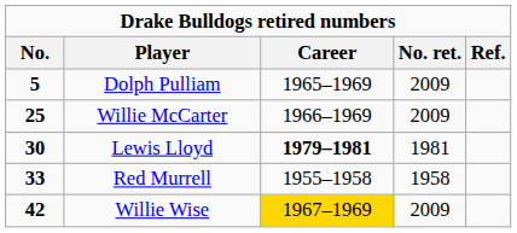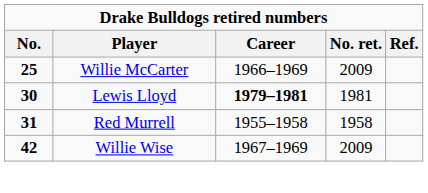 <table class="wikitable sortable" style="text-align:center">
 <tr>
 <td colspan="5"><strong>Drake Bulldogs retired numbers</strong></td>
 </tr>
 <tr>
 <th width=40px>No.</th>
 <th width=150px>Player</th>
 <th width=100px>Career</th>
 <th width=px>No. ret.</th>
 <th width=px>Ref.</th>
-</tr>
-<tr>
-<td><strong>5</strong></td>
-<td><a href='#'>Dolph Pulliam</a></td>
-<td>1965–1969</td>
-<td>2009</td>
-<td></td>
 </tr>
 <tr>
 <td><strong>25</strong></td>
 <td><a href='#'>Willie McCarter</a></td>
 <td>1966–1969</td>
 <td>2009</td>
 <td></td>
 </tr>
 <tr>
 <td><strong>30</strong></td>
 <td><a href='#'>Lewis Lloyd</a></td>
 <td><strong>1979–1981</strong></td>
 <td>1981</td>
 <td></td>
 </tr>
 <tr>
-<td><strong>33</strong></td>
+<td><strong>31</strong></td>
 <td><a href='#'>Red Murrell</a></td>
 <td>1955–1958</td>
 <td>1958</td>
 <td></td>
 </tr>
 <tr>
 <td><strong>42</strong></td>
 <td><a href='#'>Willie Wise</a></td>
-<td style="background: gold;">1967–1969</td>
+<td>1967–1969</td>
 <td>2009</td>
 <td></td>
 </tr>
 </table>
